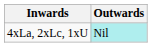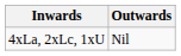 <table class="wikitable">
 <tr>
 <th>Inwards</th>
 <th>Outwards</th>
 </tr>
 <tr>
 <td>4xLa, 2xLc, 1xU</td>
-<td style="background: paleturquoise;">Nil</td>
+<td>Nil</td>
 </tr>
 </table>
